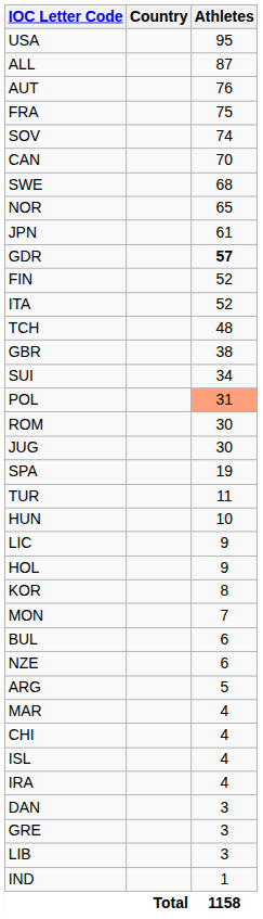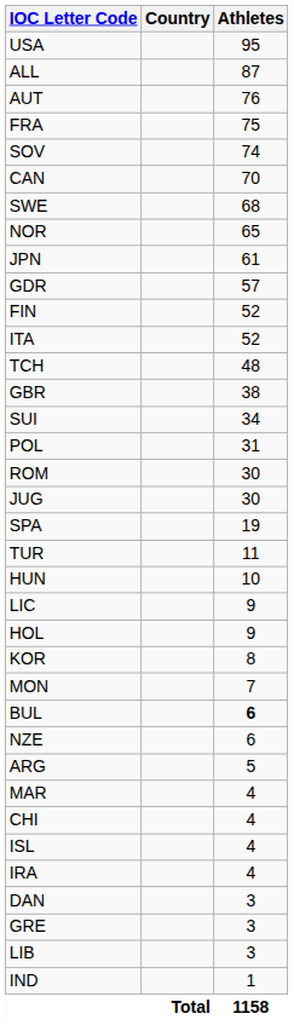 <table class="wikitable collapsible collapsed sortable" style="border:0;">
 <tr>
 <th><a href='#'>IOC Letter Code</a></th>
 <th>Country</th>
 <th>Athletes</th>
 </tr>
 <tr>
 <td>USA</td>
 <td></td>
 <td align=center>95</td>
 </tr>
 <tr>
 <td>ALL</td>
 <td></td>
 <td align=center>87</td>
 </tr>
 <tr>
 <td>AUT</td>
 <td></td>
 <td align=center>76</td>
 </tr>
 <tr>
 <td>FRA</td>
 <td></td>
 <td align=center>75</td>
 </tr>
 <tr>
 <td>SOV</td>
 <td></td>
 <td align=center>74</td>
 </tr>
 <tr>
 <td>CAN</td>
 <td></td>
 <td align=center>70</td>
 </tr>
 <tr>
 <td>SWE</td>
 <td></td>
 <td align=center>68</td>
 </tr>
 <tr>
 <td>NOR</td>
 <td></td>
 <td align=center>65</td>
 </tr>
 <tr>
 <td>JPN</td>
 <td></td>
 <td align=center>61</td>
 </tr>
 <tr>
 <td>GDR</td>
 <td></td>
-<td align=center><strong>57</strong></td>
+<td align=center>57</td>
 </tr>
 <tr>
 <td>FIN</td>
 <td></td>
 <td align=center>52</td>
 </tr>
 <tr>
 <td>ITA</td>
 <td></td>
 <td align=center>52</td>
 </tr>
 <tr>
 <td>TCH</td>
 <td></td>
 <td align=center>48</td>
 </tr>
 <tr>
 <td>GBR</td>
 <td></td>
 <td align=center>38</td>
 </tr>
 <tr>
 <td>SUI</td>
 <td></td>
 <td align=center>34</td>
 </tr>
 <tr>
 <td>POL</td>
 <td></td>
-<td align=center style="background: lightsalmon;">31</td>
+<td align=center>31</td>
 </tr>
 <tr>
 <td>ROM</td>
 <td></td>
 <td align=center>30</td>
 </tr>
 <tr>
 <td>JUG</td>
 <td></td>
 <td align=center>30</td>
 </tr>
 <tr>
 <td>SPA</td>
 <td></td>
 <td align=center>19</td>
 </tr>
 <tr>
 <td>TUR</td>
 <td></td>
 <td align=center>11</td>
 </tr>
 <tr>
 <td>HUN</td>
 <td></td>
 <td align=center>10</td>
 </tr>
 <tr>
 <td>LIC</td>
 <td></td>
 <td align=center>9</td>
 </tr>
 <tr>
 <td>HOL</td>
 <td></td>
 <td align=center>9</td>
 </tr>
 <tr>
 <td>KOR</td>
 <td></td>
 <td align=center>8</td>
 </tr>
 <tr>
 <td>MON</td>
 <td></td>
 <td align=center>7</td>
 </tr>
 <tr>
 <td>BUL</td>
 <td></td>
-<td align=center>6</td>
+<td align=center><strong>6</strong></td>
 </tr>
 <tr>
 <td>NZE</td>
 <td></td>
 <td align=center>6</td>
 </tr>
 <tr>
 <td>ARG</td>
 <td></td>
 <td align=center>5</td>
 </tr>
 <tr>
 <td>MAR</td>
 <td></td>
 <td align=center>4</td>
 </tr>
 <tr>
 <td>CHI</td>
 <td></td>
 <td align=center>4</td>
 </tr>
 <tr>
 <td>ISL</td>
 <td></td>
 <td align=center>4</td>
 </tr>
 <tr>
 <td>IRA</td>
 <td></td>
 <td align=center>4</td>
 </tr>
 <tr>
 <td>DAN</td>
 <td></td>
 <td align=center>3</td>
 </tr>
 <tr>
 <td>GRE</td>
 <td></td>
 <td align=center>3</td>
 </tr>
 <tr>
 <td>LIB</td>
 <td></td>
 <td align=center>3</td>
 </tr>
 <tr>
 <td>IND</td>
 <td></td>
 <td align=center>1</td>
 </tr>
 <tr class="sortbottom">
 <td colspan=2; style="text-align:right; border:0px; background:#fff;"><strong>Total</strong></td>
 <td style="text-align:center; border:0px; background:#fff;"><strong>1158</strong></td>
 </tr>
 <tr>
 </tr>
 </table>
